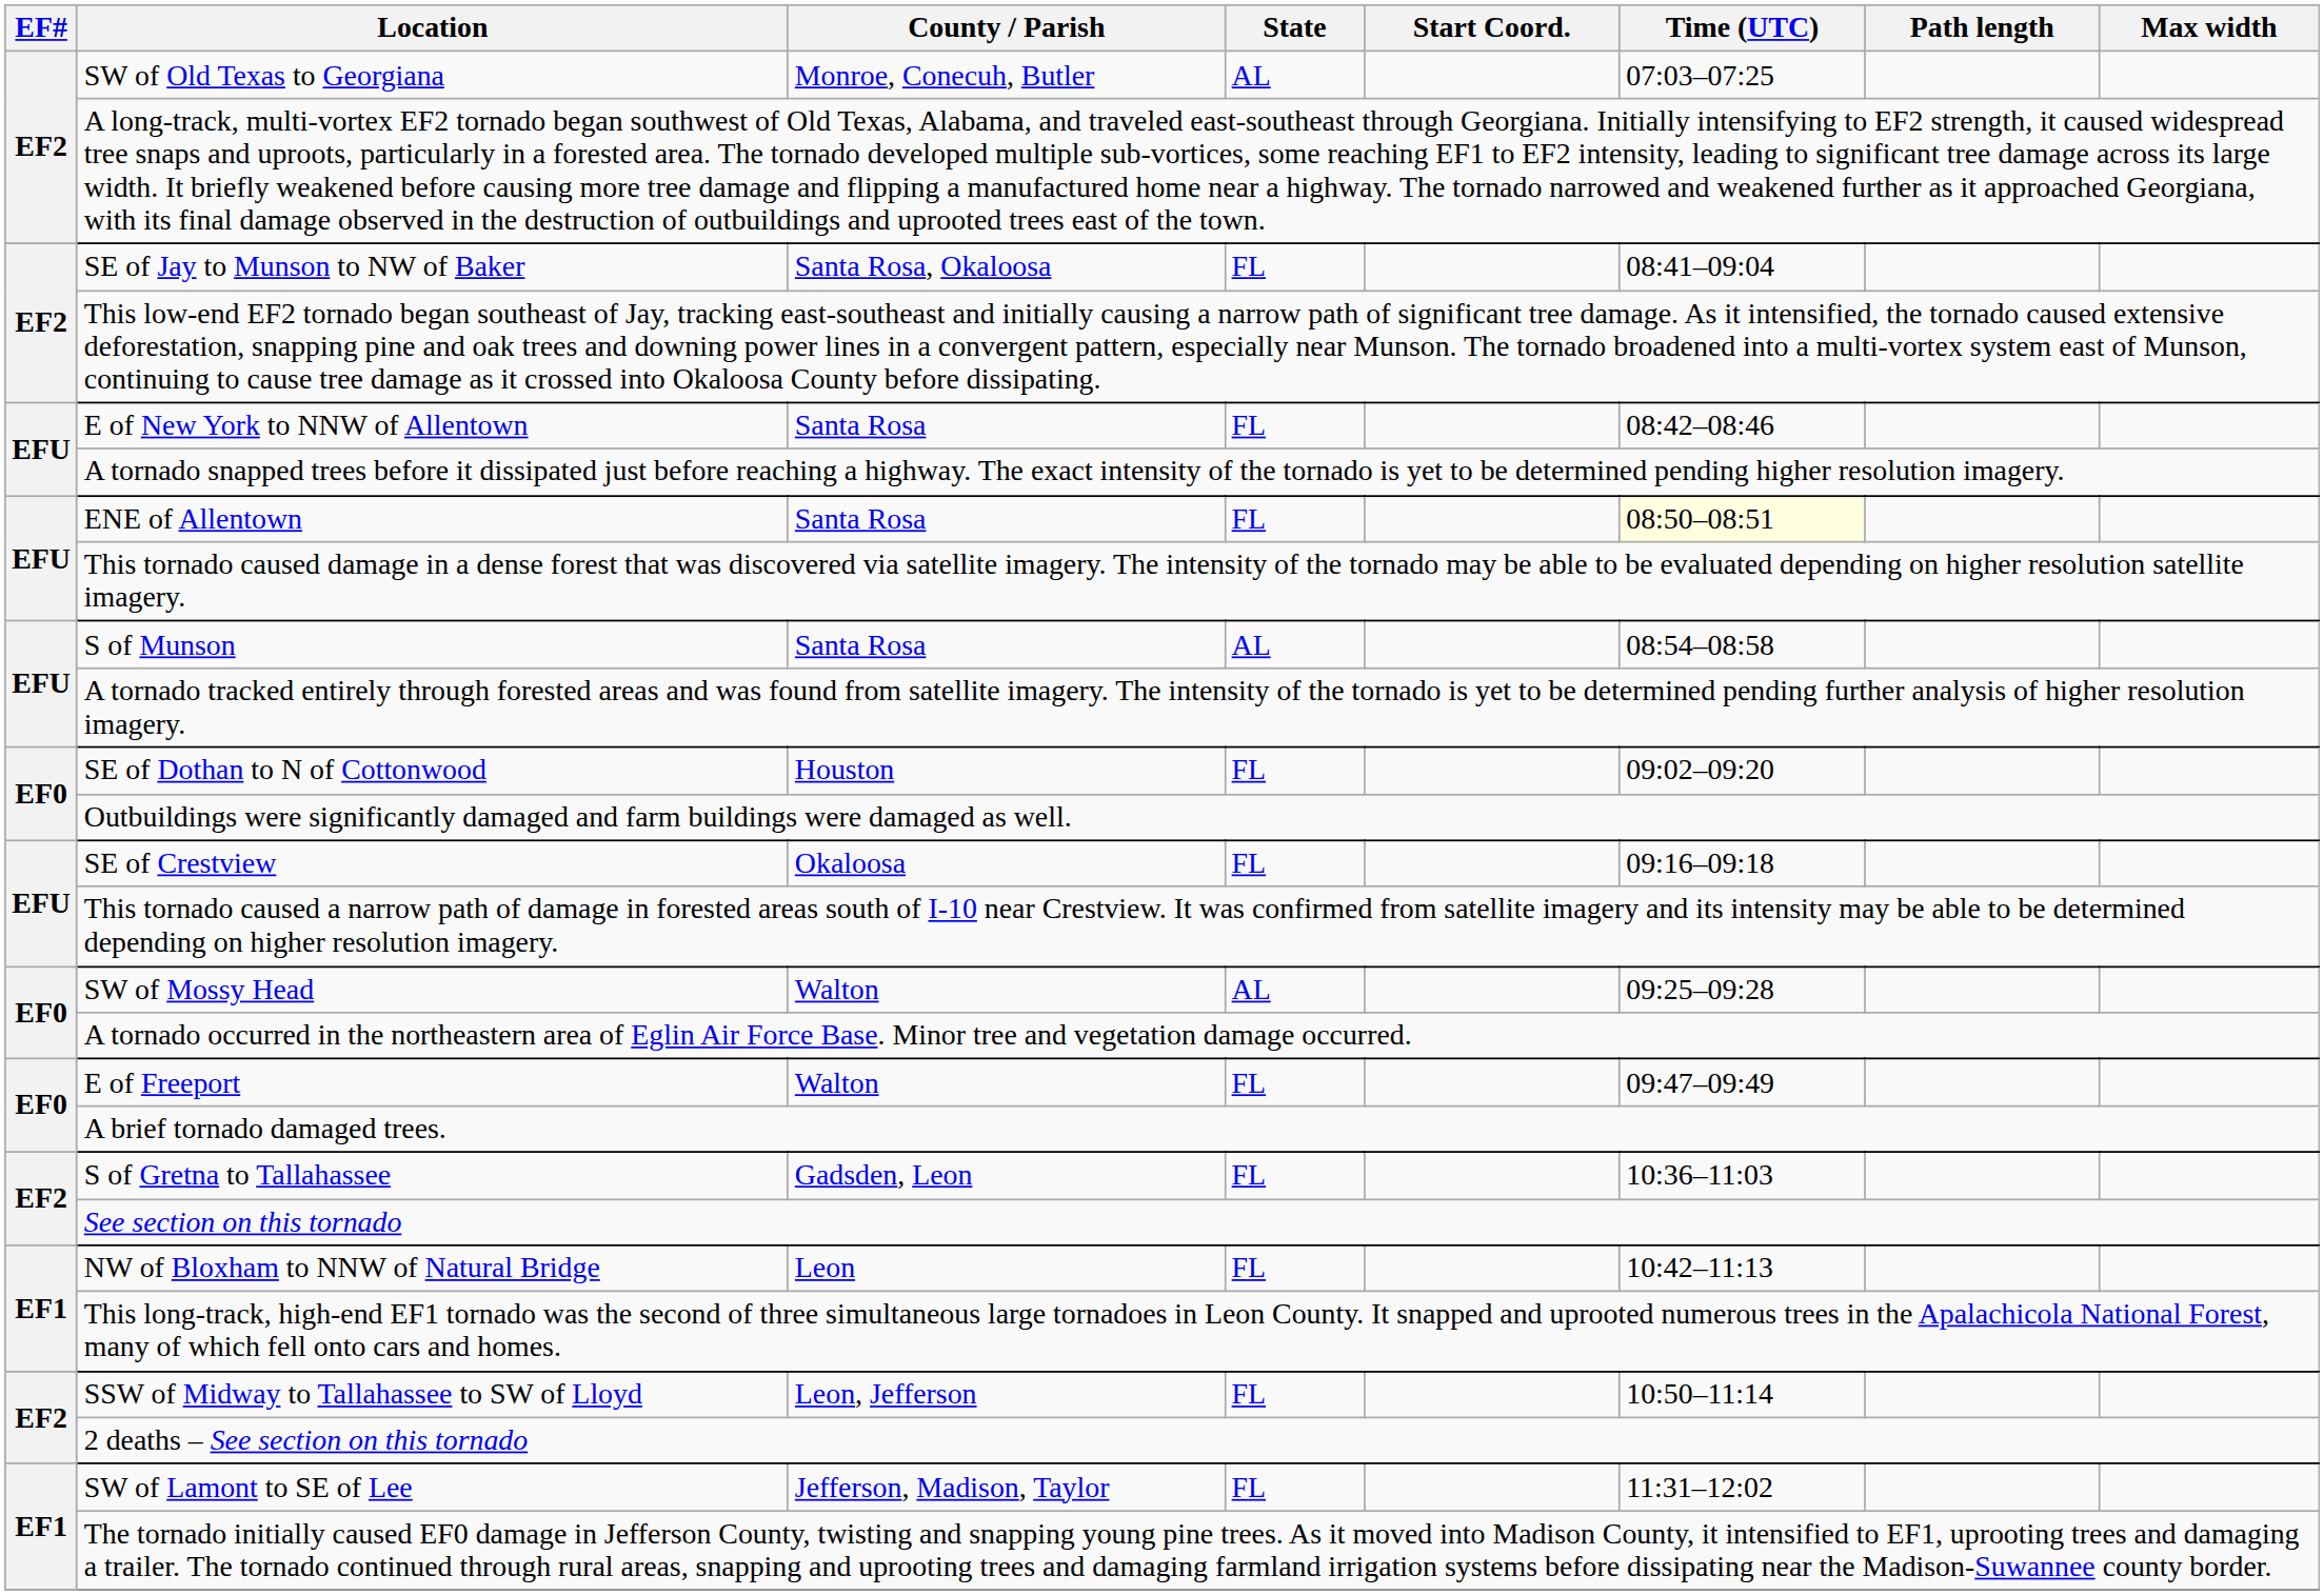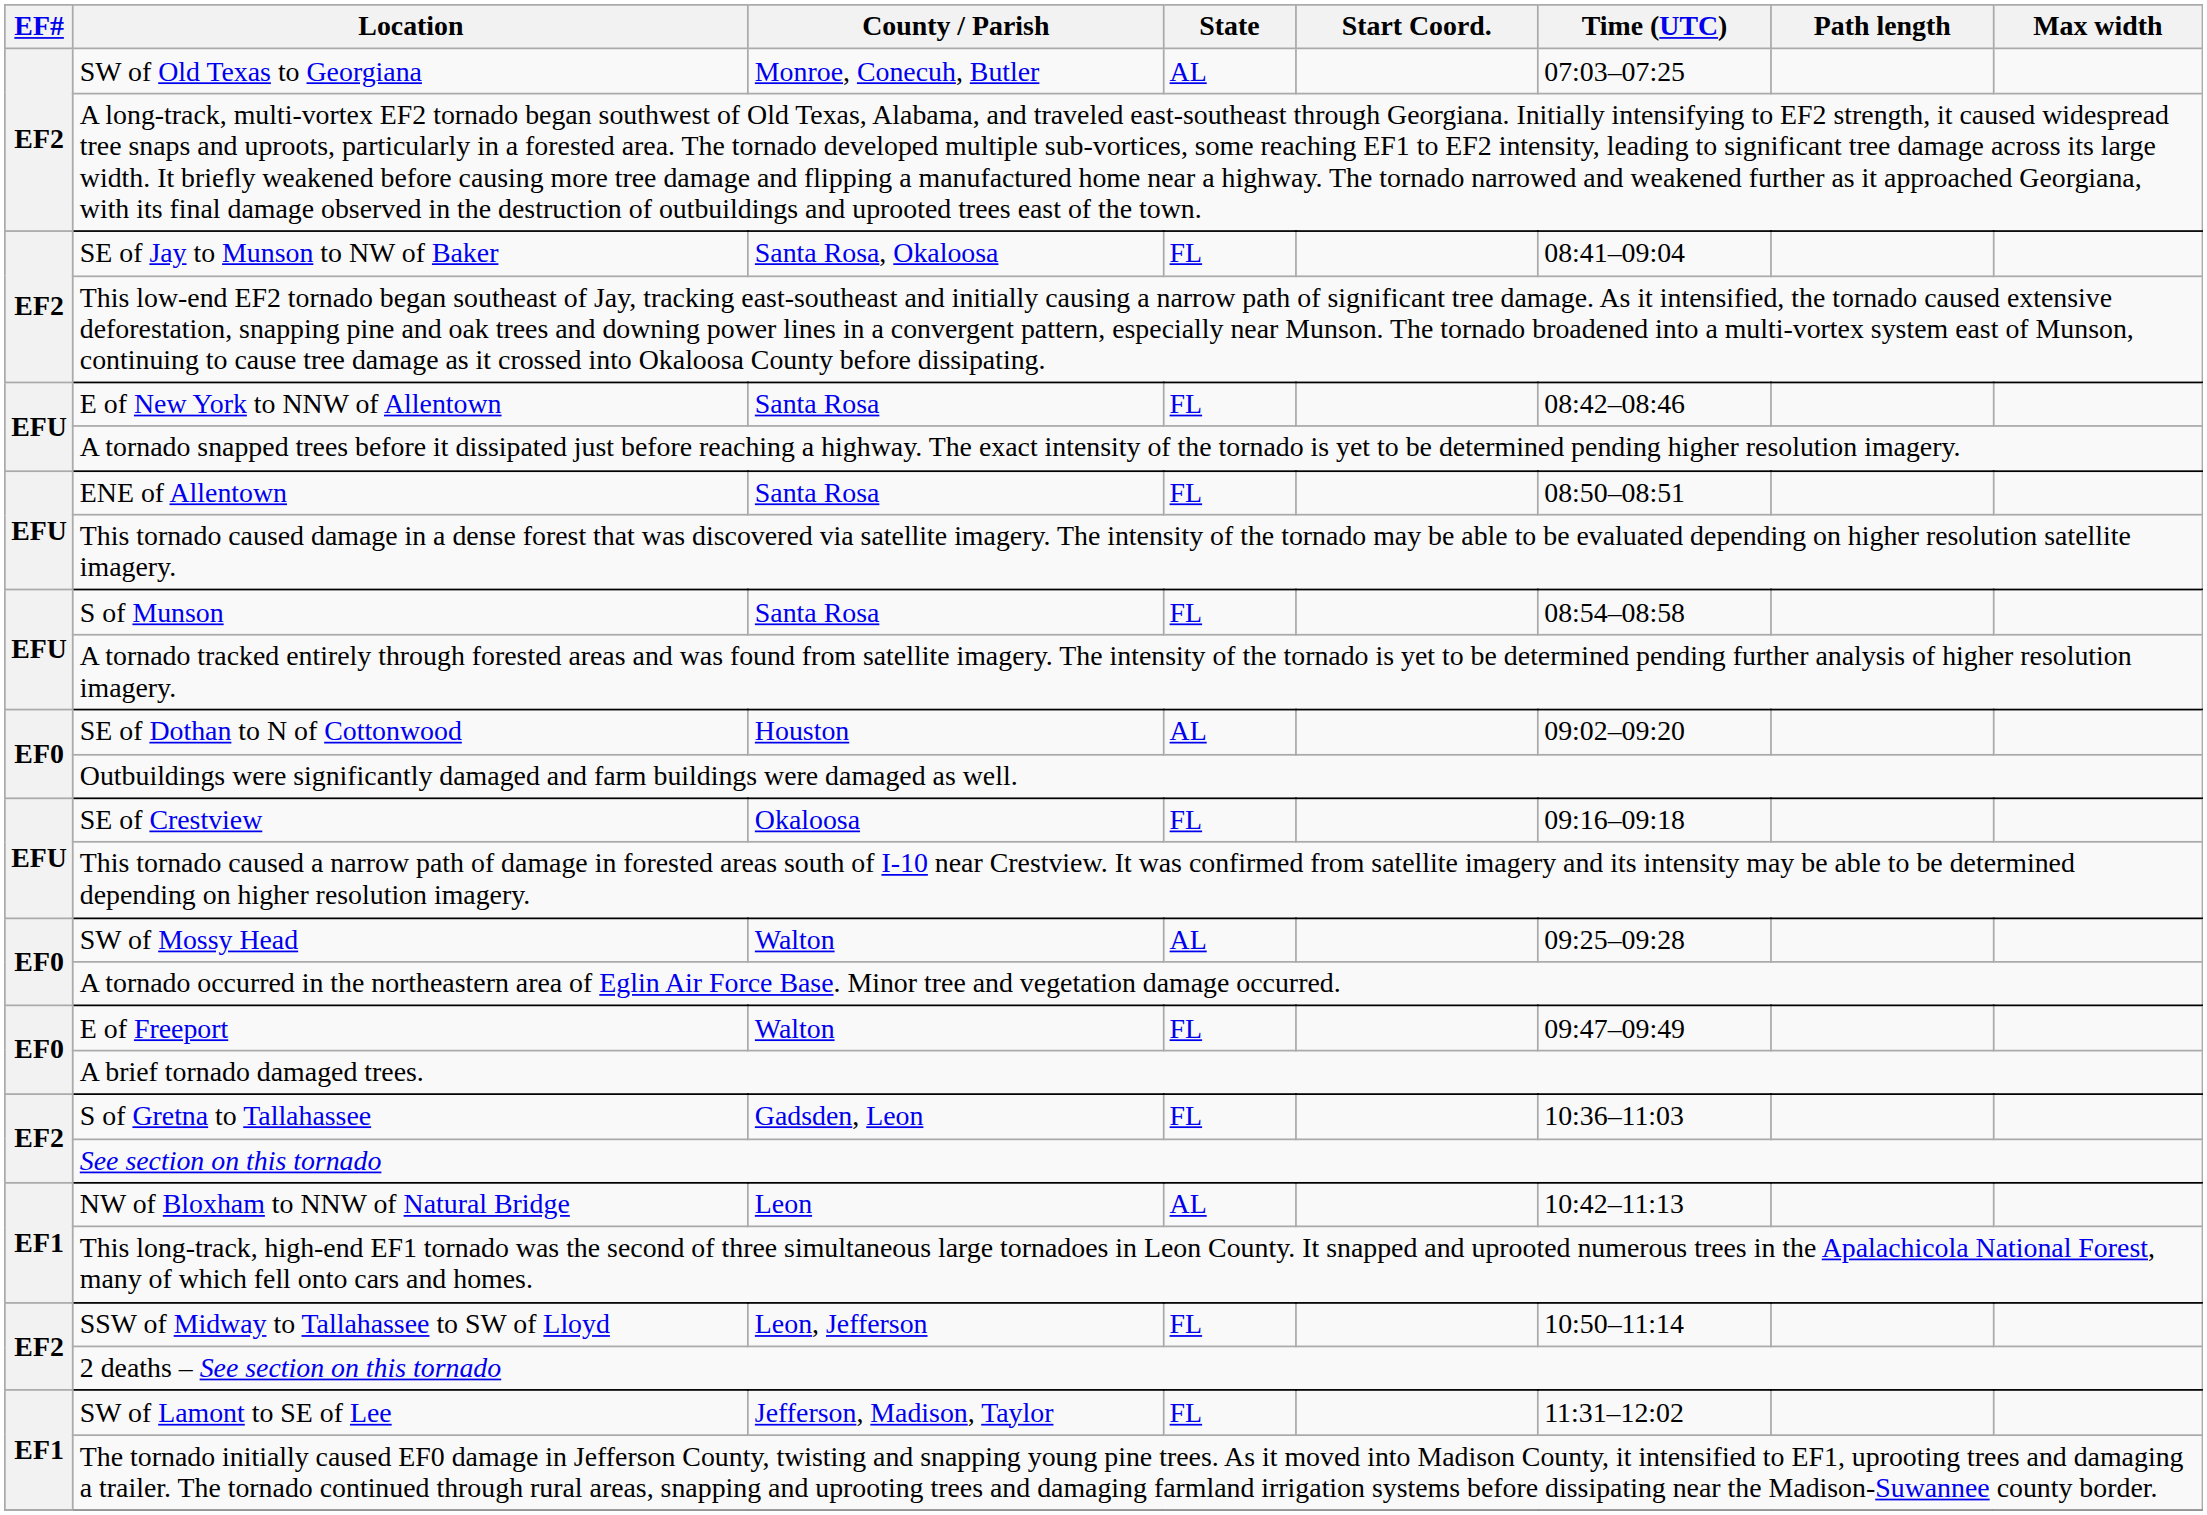 <table class="wikitable sortable" style="width:100%;">
 <tr>
 <th scope="col" width="2%" align="center"><a href='#'>EF#</a></th>
 <th scope="col" align="center" class="unsortable">Location</th>
 <th scope="col" align="center" class="unsortable">County / Parish</th>
 <th scope="col" align="center">State</th>
 <th scope="col" align="center">Start Coord.</th>
 <th scope="col" align="center">Time (<a href='#'>UTC</a>)</th>
 <th scope="col" align="center">Path length</th>
 <th scope="col" align="center">Max width</th>
 </tr>
 <tr>
 <th scope="row" rowspan="2" style="background-color:#">EF2</th>
 <td>SW of <a href='#'>Old Texas</a> to <a href='#'>Georgiana</a></td>
 <td><a href='#'>Monroe</a>, <a href='#'>Conecuh</a>, <a href='#'>Butler</a></td>
 <td><a href='#'>AL</a></td>
 <td></td>
 <td>07:03–07:25</td>
 <td></td>
 <td></td>
 </tr>
 <tr class="expand-child">
 <td colspan="8" style=" border-bottom: 1px solid black;">A long-track, multi-vortex EF2 tornado began southwest of Old Texas, Alabama, and traveled east-southeast through Georgiana. Initially intensifying to EF2 strength, it caused widespread tree snaps and uproots, particularly in a forested area. The tornado developed multiple sub-vortices, some reaching EF1 to EF2 intensity, leading to significant tree damage across its large width. It briefly weakened before causing more tree damage and flipping a manufactured home near a highway. The tornado narrowed and weakened further as it approached Georgiana, with its final damage observed in the destruction of outbuildings and uprooted trees east of the town.</td>
 </tr>
 <tr>
 <th scope="row" rowspan="2" style="background-color:#">EF2</th>
 <td>SE of <a href='#'>Jay</a> to <a href='#'>Munson</a> to NW of <a href='#'>Baker</a></td>
 <td><a href='#'>Santa Rosa</a>, <a href='#'>Okaloosa</a></td>
 <td><a href='#'>FL</a></td>
 <td></td>
 <td>08:41–09:04</td>
 <td></td>
 <td></td>
 </tr>
 <tr class="expand-child">
 <td colspan="8" style=" border-bottom: 1px solid black;">This low-end EF2 tornado began southeast of Jay, tracking east-southeast and initially causing a narrow path of significant tree damage. As it intensified, the tornado caused extensive deforestation, snapping pine and oak trees and downing power lines in a convergent pattern, especially near Munson. The tornado broadened into a multi-vortex system east of Munson, continuing to cause tree damage as it crossed into Okaloosa County before dissipating.</td>
 </tr>
 <tr>
 <th scope="row" rowspan="2" style="background-color:#">EFU</th>
 <td>E of <a href='#'>New York</a> to NNW of <a href='#'>Allentown</a></td>
 <td><a href='#'>Santa Rosa</a></td>
 <td><a href='#'>FL</a></td>
 <td></td>
 <td>08:42–08:46</td>
 <td></td>
 <td></td>
 </tr>
 <tr class="expand-child">
 <td colspan="8" style=" border-bottom: 1px solid black;">A tornado snapped trees before it dissipated just before reaching a highway. The exact intensity of the tornado is yet to be determined pending higher resolution imagery.</td>
 </tr>
 <tr>
 <th scope="row" rowspan="2" style="background-color:#">EFU</th>
 <td>ENE of <a href='#'>Allentown</a></td>
 <td><a href='#'>Santa Rosa</a></td>
 <td><a href='#'>FL</a></td>
 <td></td>
-<td style="background: lightyellow;">08:50–08:51</td>
+<td>08:50–08:51</td>
 <td></td>
 <td></td>
 </tr>
 <tr class="expand-child">
 <td colspan="8" style=" border-bottom: 1px solid black;">This tornado caused damage in a dense forest that was discovered via satellite imagery. The intensity of the tornado may be able to be evaluated depending on higher resolution satellite imagery.</td>
 </tr>
 <tr>
 <th scope="row" rowspan="2" style="background-color:#">EFU</th>
 <td>S of <a href='#'>Munson</a></td>
 <td><a href='#'>Santa Rosa</a></td>
-<td><a href='#'>AL</a></td>
+<td><a href='#'>FL</a></td>
 <td></td>
 <td>08:54–08:58</td>
 <td></td>
 <td></td>
 </tr>
 <tr class="expand-child">
 <td colspan="8" style=" border-bottom: 1px solid black;">A tornado tracked entirely through forested areas and was found from satellite imagery. The intensity of the tornado is yet to be determined pending further analysis of higher resolution imagery.</td>
 </tr>
 <tr>
 <th scope="row" rowspan="2" style="background-color:#">EF0</th>
 <td>SE of <a href='#'>Dothan</a> to N of <a href='#'>Cottonwood</a></td>
 <td><a href='#'>Houston</a></td>
-<td><a href='#'>FL</a></td>
+<td><a href='#'>AL</a></td>
 <td></td>
 <td>09:02–09:20</td>
 <td></td>
 <td></td>
 </tr>
 <tr class="expand-child">
 <td colspan="8" style=" border-bottom: 1px solid black;">Outbuildings were significantly damaged and farm buildings were damaged as well.</td>
 </tr>
 <tr>
 <th scope="row" rowspan="2" style="background-color:#">EFU</th>
 <td>SE of <a href='#'>Crestview</a></td>
 <td><a href='#'>Okaloosa</a></td>
 <td><a href='#'>FL</a></td>
 <td></td>
 <td>09:16–09:18</td>
 <td></td>
 <td></td>
 </tr>
 <tr class="expand-child">
 <td colspan="8" style=" border-bottom: 1px solid black;">This tornado caused a narrow path of damage in forested areas south of <a href='#'>I-10</a> near Crestview. It was confirmed from satellite imagery and its intensity may be able to be determined depending on higher resolution imagery.</td>
 </tr>
 <tr>
 <th scope="row" rowspan="2" style="background-color:#">EF0</th>
 <td>SW of <a href='#'>Mossy Head</a></td>
 <td><a href='#'>Walton</a></td>
 <td><a href='#'>AL</a></td>
 <td></td>
 <td>09:25–09:28</td>
 <td></td>
 <td></td>
 </tr>
 <tr class="expand-child">
 <td colspan="8" style=" border-bottom: 1px solid black;">A tornado occurred in the northeastern area of <a href='#'>Eglin Air Force Base</a>. Minor tree and vegetation damage occurred.</td>
 </tr>
 <tr>
 <th scope="row" rowspan="2" style="background-color:#">EF0</th>
 <td>E of <a href='#'>Freeport</a></td>
 <td><a href='#'>Walton</a></td>
 <td><a href='#'>FL</a></td>
 <td></td>
 <td>09:47–09:49</td>
 <td></td>
 <td></td>
 </tr>
 <tr class="expand-child">
 <td colspan="8" style=" border-bottom: 1px solid black;">A brief tornado damaged trees.</td>
 </tr>
 <tr>
 <th scope="row" rowspan="2" style="background-color:#">EF2</th>
 <td>S of <a href='#'>Gretna</a> to <a href='#'>Tallahassee</a></td>
 <td><a href='#'>Gadsden</a>, <a href='#'>Leon</a></td>
 <td><a href='#'>FL</a></td>
 <td></td>
 <td>10:36–11:03</td>
 <td></td>
 <td></td>
 </tr>
 <tr class="expand-child">
 <td colspan="8" style=" border-bottom: 1px solid black;"><em><a href='#'>See section on this tornado</a></em></td>
 </tr>
 <tr>
 <th scope="row" rowspan="2" style="background-color:#">EF1</th>
 <td>NW of <a href='#'>Bloxham</a> to NNW of <a href='#'>Natural Bridge</a></td>
 <td><a href='#'>Leon</a></td>
-<td><a href='#'>FL</a></td>
+<td><a href='#'>AL</a></td>
 <td></td>
 <td>10:42–11:13</td>
 <td></td>
 <td></td>
 </tr>
 <tr class="expand-child">
 <td colspan="8" style=" border-bottom: 1px solid black;">This long-track, high-end EF1 tornado was the second of three simultaneous large tornadoes in Leon County. It snapped and uprooted numerous trees in the <a href='#'>Apalachicola National Forest</a>, many of which fell onto cars and homes.</td>
 </tr>
 <tr>
 <th scope="row" rowspan="2" style="background-color:#">EF2</th>
 <td>SSW of <a href='#'>Midway</a> to <a href='#'>Tallahassee</a> to SW of <a href='#'>Lloyd</a></td>
 <td><a href='#'>Leon</a>, <a href='#'>Jefferson</a></td>
 <td><a href='#'>FL</a></td>
 <td></td>
 <td>10:50–11:14</td>
 <td></td>
 <td></td>
 </tr>
 <tr class="expand-child">
 <td colspan="8" style=" border-bottom: 1px solid black;">2 deaths – <em><a href='#'>See section on this tornado</a></em></td>
 </tr>
 <tr>
 <th scope="row" rowspan="2" style="background-color:#">EF1</th>
 <td>SW of <a href='#'>Lamont</a> to SE of <a href='#'>Lee</a></td>
 <td><a href='#'>Jefferson</a>, <a href='#'>Madison</a>, <a href='#'>Taylor</a></td>
 <td><a href='#'>FL</a></td>
 <td></td>
 <td>11:31–12:02</td>
 <td></td>
 <td></td>
 </tr>
 <tr class="expand-child">
 <td colspan="8" style=" border-bottom: 1px solid black;">The tornado initially caused EF0 damage in Jefferson County, twisting and snapping young pine trees. As it moved into Madison County, it intensified to EF1, uprooting trees and damaging a trailer. The tornado continued through rural areas, snapping and uprooting trees and damaging farmland irrigation systems before dissipating near the Madison-<a href='#'>Suwannee</a> county border.</td>
 </tr>
 <tr>
 </tr>
 </table>
